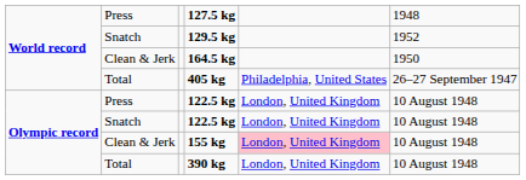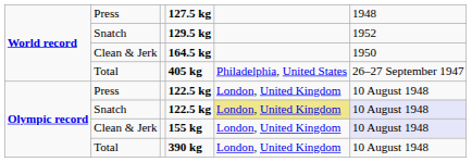 <table class="wikitable">
 <tr>
 <td rowspan=4><strong><a href='#'>World record</a></strong></td>
 <td>Press</td>
 <td></td>
 <td><strong>127.5 kg</strong></td>
 <td></td>
 <td>1948</td>
 </tr>
 <tr>
 <td>Snatch</td>
 <td></td>
 <td><strong>129.5 kg</strong></td>
 <td></td>
 <td>1952</td>
 </tr>
 <tr>
 <td>Clean & Jerk</td>
 <td></td>
 <td><strong>164.5 kg</strong></td>
 <td></td>
 <td>1950</td>
 </tr>
 <tr>
 <td>Total</td>
 <td></td>
 <td><strong>405 kg</strong></td>
 <td><a href='#'>Philadelphia</a>, <a href='#'>United States</a></td>
 <td>26–27 September 1947</td>
 </tr>
 <tr>
 <td rowspan=4><strong><a href='#'>Olympic record</a></strong></td>
 <td>Press</td>
 <td></td>
 <td><strong>122.5 kg</strong></td>
 <td><a href='#'>London</a>, <a href='#'>United Kingdom</a></td>
 <td>10 August 1948</td>
 </tr>
 <tr>
 <td>Snatch</td>
 <td></td>
 <td><strong>122.5 kg</strong></td>
-<td><a href='#'>London</a>, <a href='#'>United Kingdom</a></td>
-<td>10 August 1948</td>
+<td style="background: khaki;"><a href='#'>London</a>, <a href='#'>United Kingdom</a></td>
+<td style="background: lavender;">10 August 1948</td>
 </tr>
 <tr>
 <td>Clean & Jerk</td>
 <td></td>
 <td><strong>155 kg</strong></td>
-<td style="background: pink;"><a href='#'>London</a>, <a href='#'>United Kingdom</a></td>
-<td>10 August 1948</td>
+<td><a href='#'>London</a>, <a href='#'>United Kingdom</a></td>
+<td style="background: lavender;">10 August 1948</td>
 </tr>
 <tr>
 <td>Total</td>
 <td></td>
 <td><strong>390 kg</strong></td>
 <td><a href='#'>London</a>, <a href='#'>United Kingdom</a></td>
 <td>10 August 1948</td>
 </tr>
 </table>
